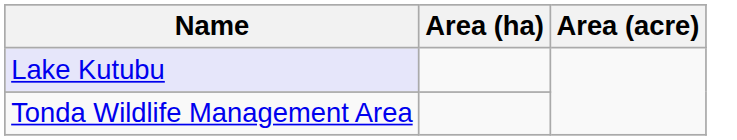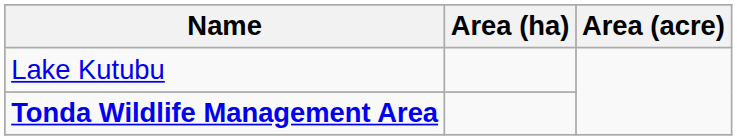 <table class="wikitable sortable">
 <tr>
 <th scope="col" align=left>Name</th>
 <th scope="col">Area (ha)</th>
 <th scope="col">Area (acre)</th>
 </tr>
 <tr ---->
-<td style="background: lavender;"><a href='#'>Lake Kutubu</a></td>
+<td><a href='#'>Lake Kutubu</a></td>
 <td></td>
 </tr>
 <tr ---->
-<td><a href='#'>Tonda Wildlife Management Area</a></td>
+<td><strong><a href='#'>Tonda Wildlife Management Area</a></strong></td>
 <td></td>
 </tr>
 </table>
